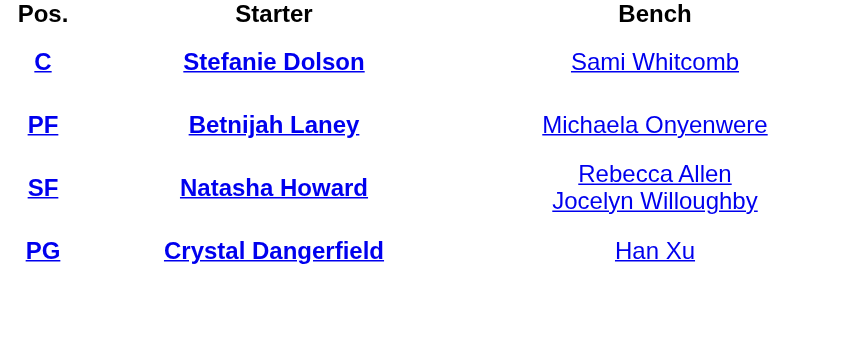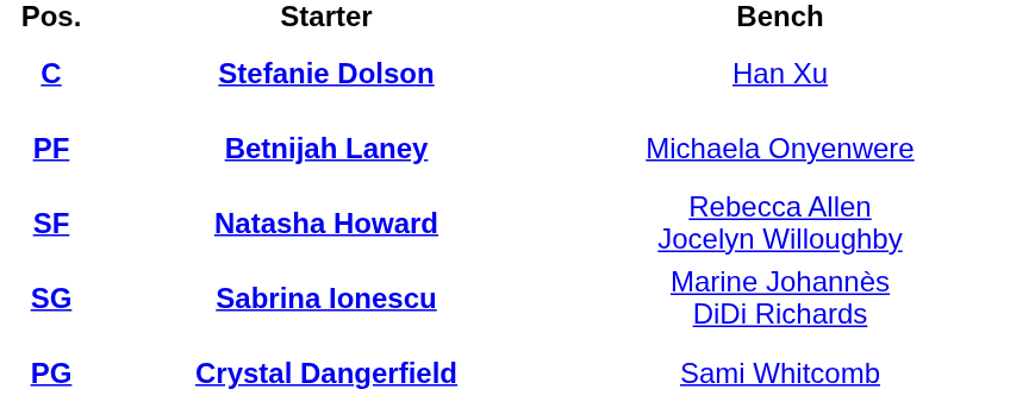 <table style="text-align:center; ">
 <tr>
 <th width="50">Pos.</th>
 <th width="250">Starter</th>
 <th width="250">Bench</th>
 </tr>
 <tr style="height:40px; background:white; color:#092C57">
 <th><a href='#'><span>C</span></a></th>
 <td><strong><a href='#'>Stefanie Dolson</a></strong></td>
-<td><a href='#'>Sami Whitcomb</a></td>
+<td><a href='#'>Han Xu</a></td>
 </tr>
 <tr style="height:40px; background:white; color:#092C57">
 <th><a href='#'><span>PF</span></a></th>
 <td><strong><a href='#'>Betnijah Laney</a></strong></td>
 <td><a href='#'>Michaela Onyenwere</a></td>
 </tr>
 <tr style="height:40px; background:white; color:#092C57">
 <th><a href='#'><span>SF</span></a></th>
 <td><strong><a href='#'>Natasha Howard</a></strong></td>
 <td><a href='#'>Rebecca Allen</a><br><a href='#'>Jocelyn Willoughby</a></td>
 </tr>
 <tr style="height:40px; background:white; color:#092C57">
+<th><a href='#'><span>SG</span></a></th>
+<td><strong><a href='#'>Sabrina Ionescu</a></strong></td>
+<td><a href='#'>Marine Johannès</a><br><a href='#'>DiDi Richards</a></td>
+</tr>
+<tr style="height:40px; background:white; color:#092C57">
 <th><a href='#'><span>PG</span></a></th>
 <td><strong><a href='#'>Crystal Dangerfield</a></strong></td>
-<td><a href='#'>Han Xu</a></td>
+<td><a href='#'>Sami Whitcomb</a></td>
 </tr>
 </table>
